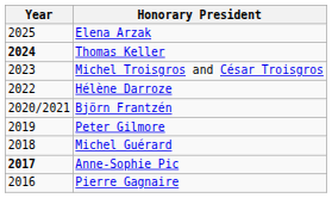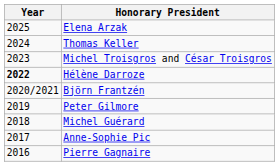 <table class="wikitable sortable">
 <tr>
 <th>Year</th>
 <th>Honorary President </th>
 </tr>
 <tr>
 <td>2025</td>
 <td><a href='#'>Elena Arzak</a></td>
 </tr>
 <tr>
-<td><strong>2024</strong></td>
+<td>2024</td>
 <td><a href='#'>Thomas Keller</a></td>
 </tr>
 <tr>
 <td>2023</td>
 <td><a href='#'>Michel Troisgros</a> and <a href='#'>César Troisgros</a></td>
 </tr>
 <tr>
-<td>2022</td>
+<td><strong>2022</strong></td>
 <td><a href='#'>Hélène Darroze</a></td>
 </tr>
 <tr>
 <td>2020/2021</td>
 <td><a href='#'>Björn Frantzén</a></td>
 </tr>
 <tr>
 <td>2019</td>
 <td><a href='#'>Peter Gilmore</a></td>
 </tr>
 <tr>
 <td>2018</td>
 <td><a href='#'>Michel Guérard</a></td>
 </tr>
 <tr>
-<td><strong>2017</strong></td>
+<td>2017</td>
 <td><a href='#'>Anne-Sophie Pic</a></td>
 </tr>
 <tr>
 <td>2016</td>
 <td><a href='#'>Pierre Gagnaire</a></td>
 </tr>
 </table>
